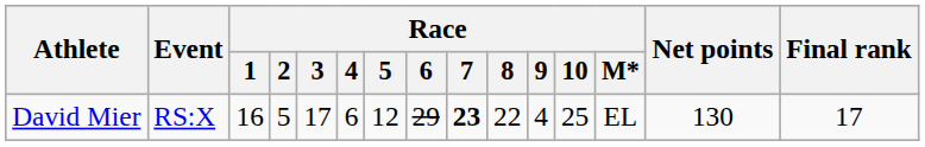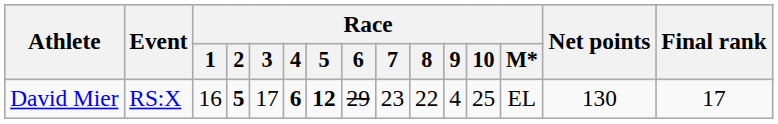 <table class="wikitable" style="font-size:90%">
 <tr>
 <th rowspan=2>Athlete</th>
 <th rowspan=2>Event</th>
 <th colspan=11>Race</th>
 <th rowspan=2>Net points</th>
 <th rowspan=2>Final rank</th>
 </tr>
 <tr style="font-size:95%">
 <th>1</th>
 <th>2</th>
 <th>3</th>
 <th>4</th>
 <th>5</th>
 <th>6</th>
 <th>7</th>
 <th>8</th>
 <th>9</th>
 <th>10</th>
 <th>M*</th>
 </tr>
 <tr align=center>
 <td align=left><a href='#'>David Mier</a></td>
 <td align=left><a href='#'>RS:X</a></td>
 <td>16</td>
-<td>5</td>
+<td><strong>5</strong></td>
 <td>17</td>
-<td>6</td>
-<td>12</td>
+<td><strong>6</strong></td>
+<td><strong>12</strong></td>
 <td><s>29</s></td>
-<td><strong>23</strong></td>
+<td>23</td>
 <td>22</td>
 <td>4</td>
 <td>25</td>
 <td>EL</td>
 <td>130</td>
 <td>17</td>
 </tr>
 </table>
